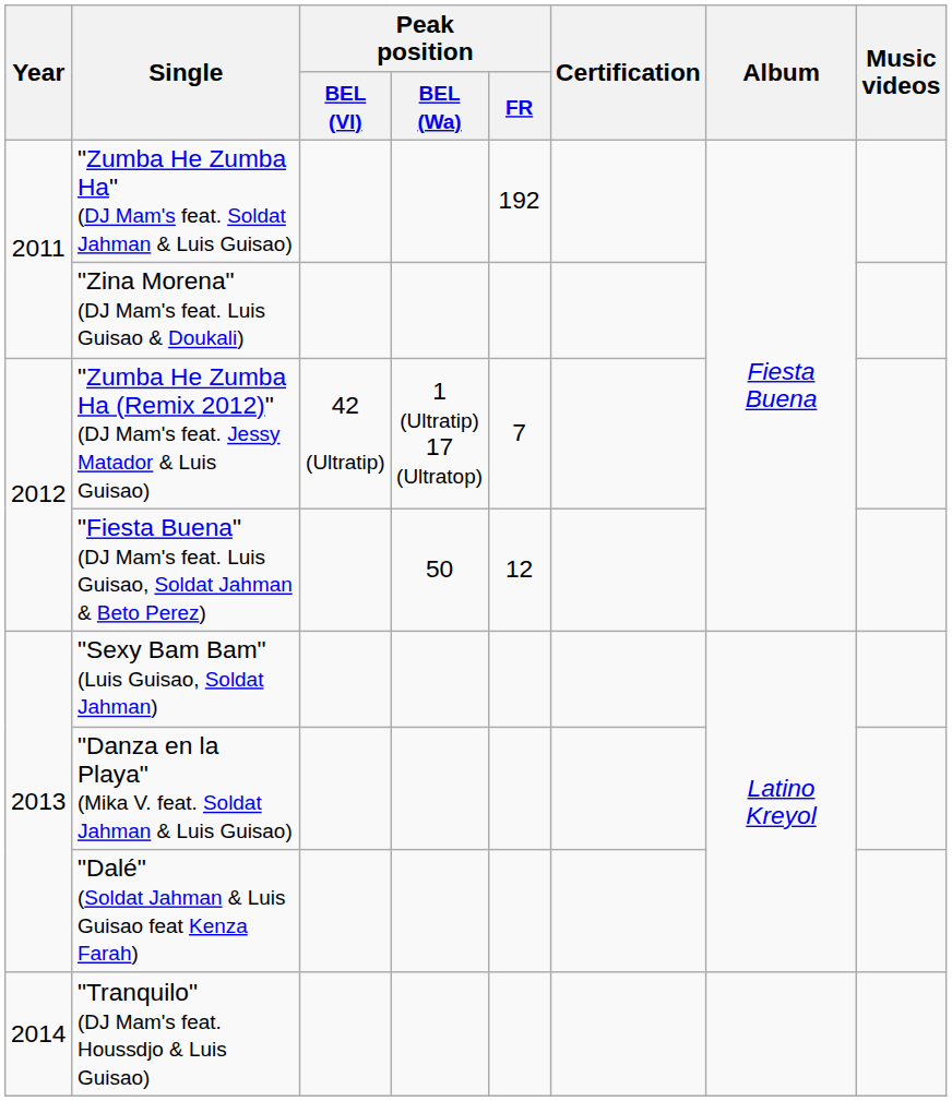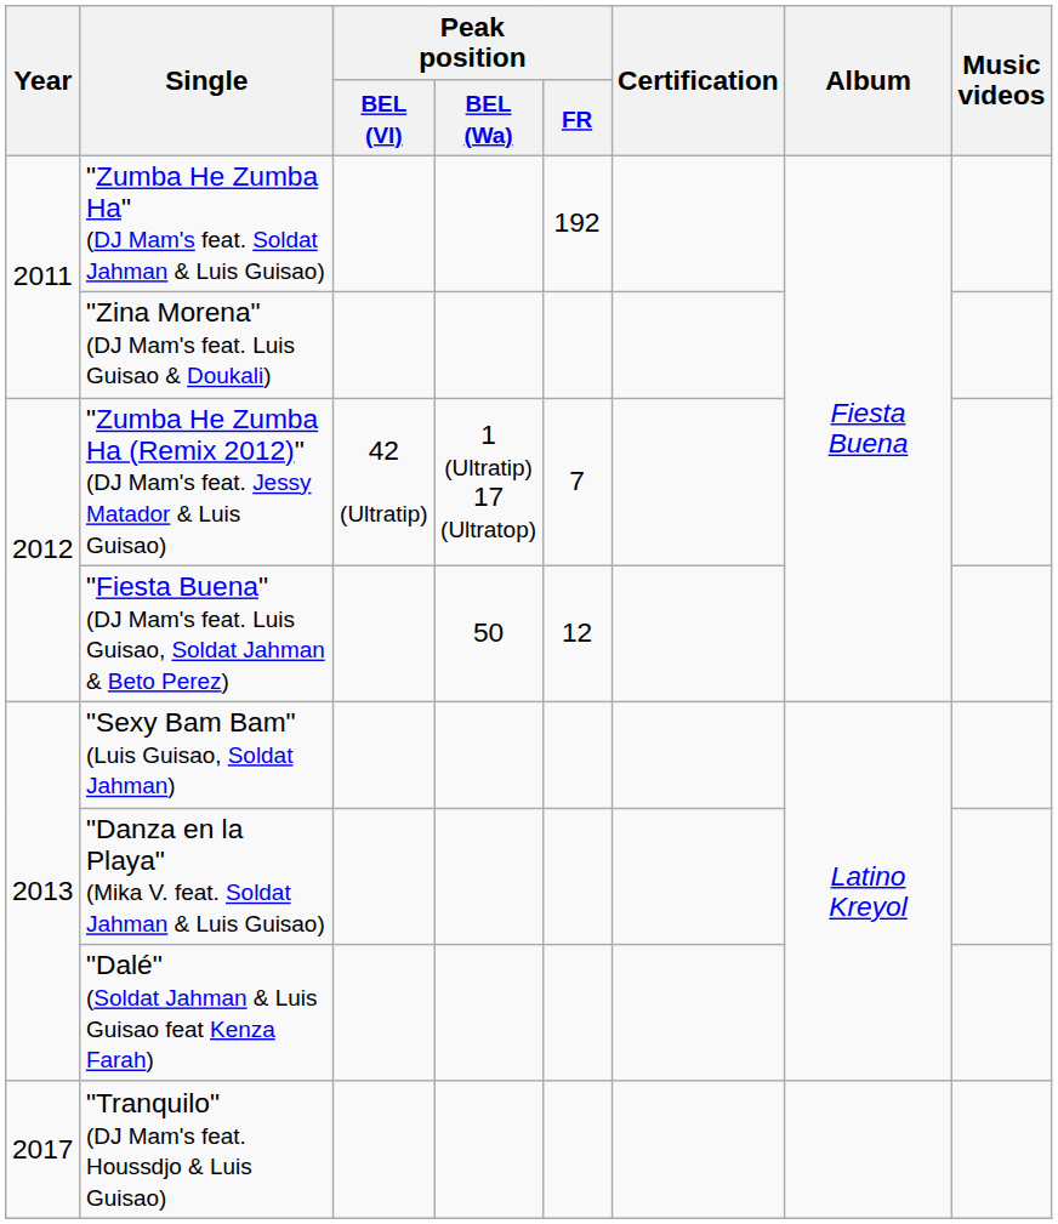 <table class="wikitable">
 <tr>
 <th align="center" rowspan="2">Year</th>
 <th align="center" rowspan="2" width="220">Single</th>
 <th align="center" colspan="3">Peak<br>position<br></th>
 <th align="center" rowspan="2" width="70">Certification</th>
 <th align="center" rowspan="2" width="140">Album</th>
 <th align="center" rowspan="2" width="40">Music<br>videos</th>
 </tr>
 <tr>
 <th width="20"><small><a href='#'>BEL <br>(Vl)</a></small><br></th>
 <th width="20"><small><a href='#'>BEL <br>(Wa)</a></small><br></th>
 <th width="40"><small><a href='#'>FR</a></small><br></th>
 </tr>
 <tr>
 <td align="center" rowspan="2">2011</td>
 <td>"<a href='#'>Zumba He Zumba Ha</a>" <br><small>(<a href='#'>DJ Mam's</a> feat. <a href='#'>Soldat Jahman</a> & Luis Guisao)</small></td>
 <td align="center"></td>
 <td align="center"></td>
 <td align="center">192</td>
 <td align="center"></td>
 <td align="center" rowspan="4"><em><a href='#'>Fiesta Buena</a></em></td>
 <td align="center"><small></small></td>
 </tr>
 <tr>
 <td>"Zina Morena" <br><small>(DJ Mam's feat. Luis Guisao & <a href='#'>Doukali</a>)</small></td>
 <td align="center"></td>
 <td align="center"></td>
 <td align="center"></td>
 <td align="center"></td>
 <td align="center"><small></small></td>
 </tr>
 <tr>
 <td align="center" rowspan="2">2012</td>
 <td>"<a href='#'>Zumba He Zumba Ha (Remix 2012)</a>" <br><small>(DJ Mam's feat. <a href='#'>Jessy Matador</a> & Luis Guisao)</small></td>
 <td align="center">42<br> <br><small>(Ultratip)</small></td>
 <td align="center">1 <br><small>(Ultratip)</small><br>17<br><small>(Ultratop)</small></td>
 <td align="center">7</td>
 <td align="center"></td>
 <td align="center"><small></small></td>
 </tr>
 <tr>
 <td>"<a href='#'>Fiesta Buena</a>" <br><small>(DJ Mam's feat. Luis Guisao, <a href='#'>Soldat Jahman</a> & <a href='#'>Beto Perez</a>)</small></td>
 <td align="center"></td>
 <td align="center">50</td>
 <td align="center">12</td>
 <td align="center"></td>
 <td align="center"><small></small></td>
 </tr>
 <tr>
 <td align="center" rowspan="3">2013</td>
 <td>"Sexy Bam Bam" <br><small>(Luis Guisao, <a href='#'>Soldat Jahman</a>)</small></td>
 <td align="center"></td>
 <td align="center"></td>
 <td align="center"></td>
 <td align="center"></td>
 <td align="center" rowspan="3"><em><a href='#'>Latino Kreyol</a></em></td>
 <td align="center"><small></small></td>
 </tr>
 <tr>
 <td>"Danza en la Playa" <br><small>(Mika V. feat. <a href='#'>Soldat Jahman</a> & Luis Guisao)</small></td>
 <td align="center"></td>
 <td align="center"></td>
 <td align="center"></td>
 <td align="center"></td>
 <td align="center"></td>
 </tr>
 <tr>
 <td>"Dalé" <br><small>(<a href='#'>Soldat Jahman</a> & Luis Guisao feat <a href='#'>Kenza Farah</a>)</small></td>
 <td align="center"></td>
 <td align="center"></td>
 <td align="center"></td>
 <td align="center"></td>
 <td align="center"><small></small></td>
 </tr>
 <tr>
-<td align="center">2014</td>
+<td align="center">2017</td>
 <td>"Tranquilo" <br><small>(DJ Mam's feat. Houssdjo & Luis Guisao)</small></td>
 <td align="center"></td>
 <td align="center"></td>
 <td align="center"></td>
 <td align="center"></td>
 <td align="center"></td>
 <td align="center"></td>
 </tr>
 <tr>
 </tr>
 </table>
